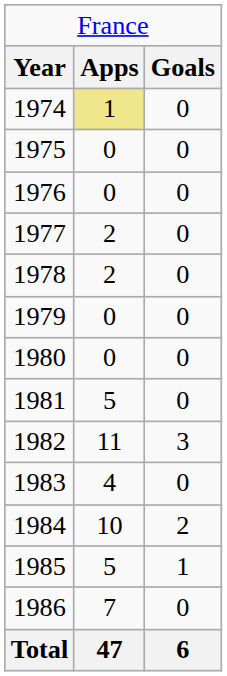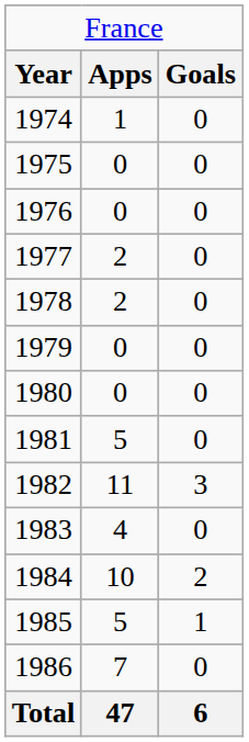 <table class="wikitable" style="text-align: center;">
 <tr>
 <td colspan="3"><a href='#'>France</a></td>
 </tr>
 <tr>
 <th>Year</th>
 <th>Apps</th>
 <th>Goals</th>
 </tr>
 <tr>
 <td>1974</td>
-<td style="background: khaki;">1</td>
+<td>1</td>
 <td>0</td>
 </tr>
 <tr>
 <td>1975</td>
 <td>0</td>
 <td>0</td>
 </tr>
 <tr>
 <td>1976</td>
 <td>0</td>
 <td>0</td>
 </tr>
 <tr>
 <td>1977</td>
 <td>2</td>
 <td>0</td>
 </tr>
 <tr>
 <td>1978</td>
 <td>2</td>
 <td>0</td>
 </tr>
 <tr>
 <td>1979</td>
 <td>0</td>
 <td>0</td>
 </tr>
 <tr>
 <td>1980</td>
 <td>0</td>
 <td>0</td>
 </tr>
 <tr>
 <td>1981</td>
 <td>5</td>
 <td>0</td>
 </tr>
 <tr>
 <td>1982</td>
 <td>11</td>
 <td>3</td>
 </tr>
 <tr>
 <td>1983</td>
 <td>4</td>
 <td>0</td>
 </tr>
 <tr>
 <td>1984</td>
 <td>10</td>
 <td>2</td>
 </tr>
 <tr>
 <td>1985</td>
 <td>5</td>
 <td>1</td>
 </tr>
 <tr>
 <td>1986</td>
 <td>7</td>
 <td>0</td>
 </tr>
 <tr>
 <th>Total</th>
 <th>47</th>
 <th>6</th>
 </tr>
 </table>
